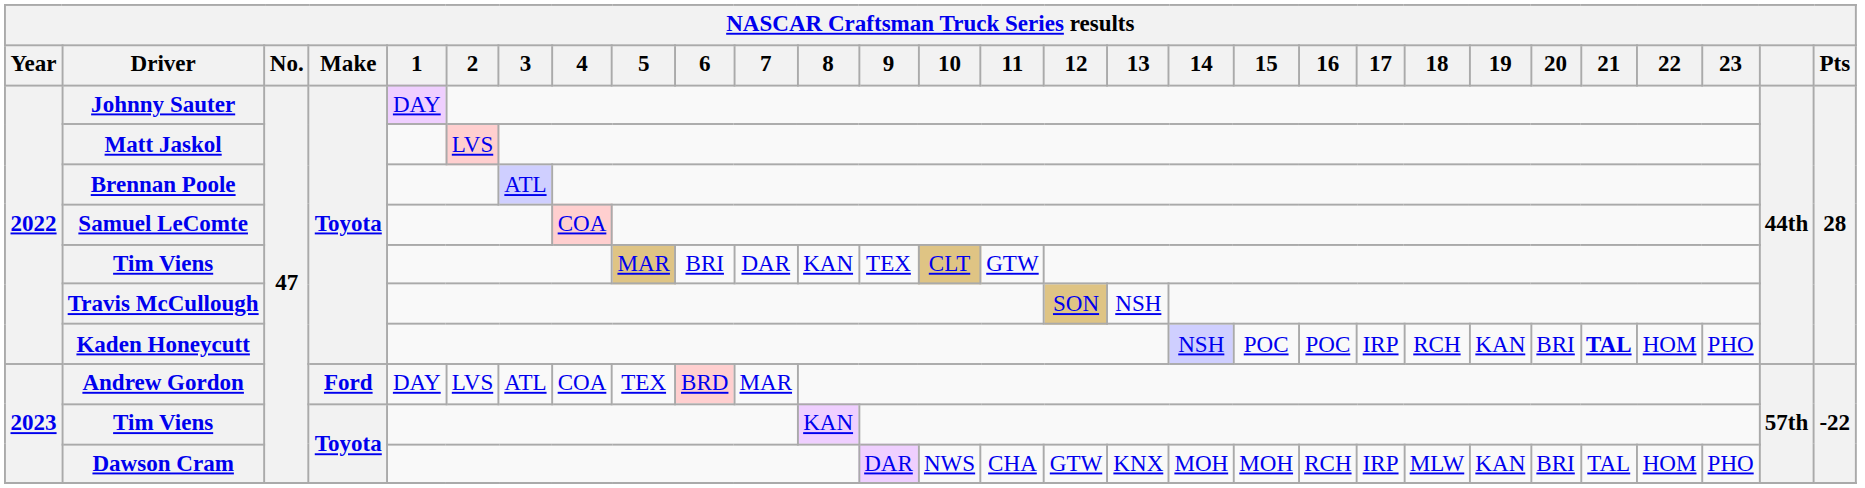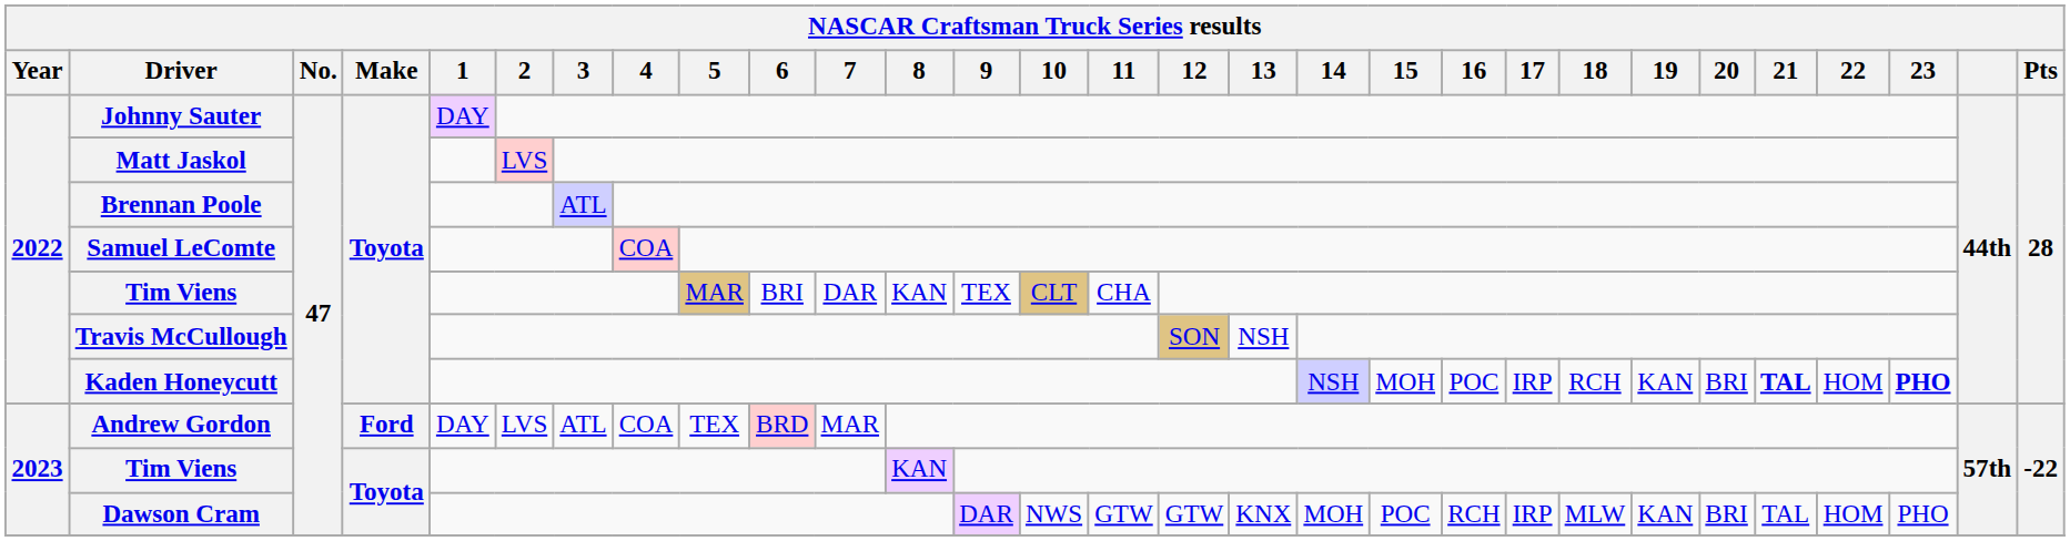 <table class="wikitable" style="text-align:center; font-size:75%">
 <tr>
 <th colspan=30><a href='#'>NASCAR Craftsman Truck Series</a> results</th>
 </tr>
 <tr>
 <th>Year</th>
 <th>Driver</th>
 <th>No.</th>
 <th>Make</th>
 <th>1</th>
 <th>2</th>
 <th>3</th>
 <th>4</th>
 <th>5</th>
 <th>6</th>
 <th>7</th>
 <th>8</th>
 <th>9</th>
 <th>10</th>
 <th>11</th>
 <th>12</th>
 <th>13</th>
 <th>14</th>
 <th>15</th>
 <th>16</th>
 <th>17</th>
 <th>18</th>
 <th>19</th>
 <th>20</th>
 <th>21</th>
 <th>22</th>
 <th>23</th>
 <th></th>
 <th>Pts</th>
 </tr>
 <tr>
 <th rowspan=7><a href='#'>2022</a></th>
 <th><a href='#'>Johnny Sauter</a></th>
 <th rowspan=10>47</th>
 <th rowspan=7><a href='#'>Toyota</a></th>
 <td style="background:#EFCFFF;"><a href='#'>DAY</a><br></td>
 <td colspan=22></td>
 <th rowspan=7>44th</th>
 <th rowspan=7>28</th>
 </tr>
 <tr>
 <th><a href='#'>Matt Jaskol</a></th>
 <td colspan=1></td>
 <td style="background:#FFCFCF;"><a href='#'>LVS</a><br></td>
 <td colspan=21></td>
 </tr>
 <tr>
 <th><a href='#'>Brennan Poole</a></th>
 <td colspan=2></td>
 <td style="background:#CFCFFF;"><a href='#'>ATL</a><br></td>
 <td colspan=20></td>
 </tr>
 <tr>
 <th><a href='#'>Samuel LeComte</a></th>
 <td colspan=3></td>
 <td style="background:#FFCFCF;"><a href='#'>COA</a><br></td>
 <td colspan=19></td>
 </tr>
 <tr>
 <th><a href='#'>Tim Viens</a></th>
 <td colspan=4></td>
 <td style="background:#DFC484;"><a href='#'>MAR</a><br></td>
 <td><a href='#'>BRI</a></td>
 <td><a href='#'>DAR</a></td>
 <td><a href='#'>KAN</a></td>
 <td><a href='#'>TEX</a></td>
 <td style="background:#DFC484;"><a href='#'>CLT</a><br></td>
-<td><a href='#'>GTW</a></td>
+<td><a href='#'>CHA</a></td>
 <td colspan=12></td>
 </tr>
 <tr>
 <th><a href='#'>Travis McCullough</a></th>
 <td colspan=11></td>
 <td style="background:#DFC484;"><a href='#'>SON</a><br></td>
 <td><a href='#'>NSH</a></td>
 <td colspan=10></td>
 </tr>
 <tr>
 <th><a href='#'>Kaden Honeycutt</a></th>
 <td colspan=13></td>
 <td style="background:#CFCFFF;"><a href='#'>NSH</a><br></td>
-<td><a href='#'>POC</a></td>
+<td><a href='#'>MOH</a></td>
 <td><a href='#'>POC</a></td>
 <td><a href='#'>IRP</a></td>
 <td><a href='#'>RCH</a></td>
 <td><a href='#'>KAN</a></td>
 <td><a href='#'>BRI</a></td>
 <td><strong><a href='#'>TAL</a></strong></td>
 <td><a href='#'>HOM</a></td>
-<td><a href='#'>PHO</a></td>
+<td><strong><a href='#'>PHO</a></strong></td>
 </tr>
 <tr>
 <th rowspan=3><a href='#'>2023</a></th>
 <th><a href='#'>Andrew Gordon</a></th>
 <th><a href='#'>Ford</a></th>
 <td><a href='#'>DAY</a></td>
 <td><a href='#'>LVS</a></td>
 <td><a href='#'>ATL</a></td>
 <td><a href='#'>COA</a></td>
 <td><a href='#'>TEX</a></td>
 <td style="background:#FFCFCF;"><a href='#'>BRD</a><br></td>
 <td><a href='#'>MAR</a></td>
 <td colspan=16></td>
 <th rowspan=3>57th</th>
 <th rowspan=3>-22</th>
 </tr>
 <tr>
 <th><a href='#'>Tim Viens</a></th>
 <th rowspan=2><a href='#'>Toyota</a></th>
 <td colspan=7></td>
 <td style="background:#EFCFFF;"><a href='#'>KAN</a><br></td>
 <td colspan=15></td>
 </tr>
 <tr>
 <th><a href='#'>Dawson Cram</a></th>
 <td colspan=8></td>
 <td style="background:#EFCFFF;"><a href='#'>DAR</a><br></td>
 <td><a href='#'>NWS</a></td>
-<td><a href='#'>CHA</a></td>
+<td><a href='#'>GTW</a></td>
 <td><a href='#'>GTW</a></td>
 <td><a href='#'>KNX</a></td>
 <td><a href='#'>MOH</a></td>
-<td><a href='#'>MOH</a></td>
+<td><a href='#'>POC</a></td>
 <td><a href='#'>RCH</a></td>
 <td><a href='#'>IRP</a></td>
 <td><a href='#'>MLW</a></td>
 <td><a href='#'>KAN</a></td>
 <td><a href='#'>BRI</a></td>
 <td><a href='#'>TAL</a></td>
 <td><a href='#'>HOM</a></td>
 <td><a href='#'>PHO</a></td>
 </tr>
 <tr>
 </tr>
 </table>
